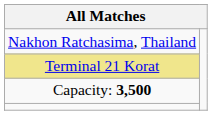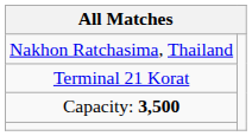 <table class="wikitable" style="text-align:center;">
 <tr>
 <th colspan=2>All Matches</th>
 </tr>
 <tr>
 <td><a href='#'>Nakhon Ratchasima</a>, <a href='#'>Thailand</a></td>
 <td rowspan=4></td>
 </tr>
 <tr>
-<td style="background: khaki;"><a href='#'>Terminal 21 Korat</a></td>
+<td><a href='#'>Terminal 21 Korat</a></td>
 </tr>
 <tr>
 <td>Capacity: <strong>3,500</strong></td>
 </tr>
 <tr>
 <td></td>
 </tr>
 </table>
